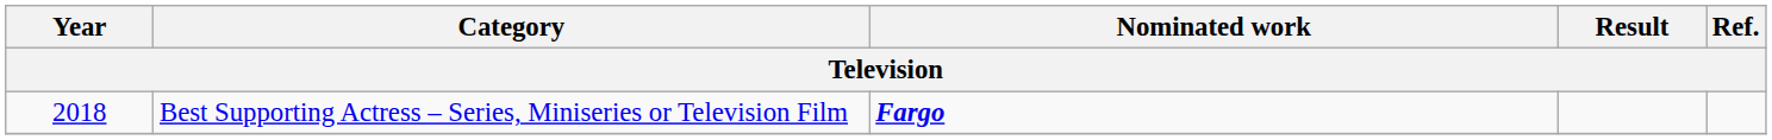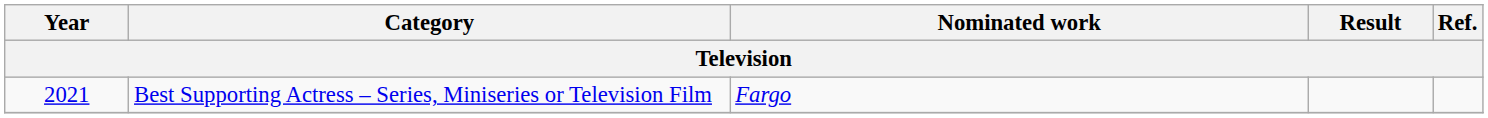 <table class=wikitable>
 <tr>
 <th scope="col" style="width:5em;">Year</th>
 <th scope="col" style="width:26em;">Category</th>
 <th scope="col" style="width:25em;">Nominated work</th>
 <th scope="col" style="width:5em;">Result</th>
 <th>Ref.</th>
 </tr>
 <tr>
 <th colspan="5">Television</th>
 </tr>
 <tr>
-<td align="center"><a href='#'>2018</a></td>
+<td align="center"><a href='#'>2021</a></td>
 <td><a href='#'>Best Supporting Actress – Series, Miniseries or Television Film</a></td>
-<td><strong><em><a href='#'>Fargo</a></em></strong></td>
+<td><em><a href='#'>Fargo</a></em></td>
 <td></td>
 <td align="center"></td>
 </tr>
 <tr>
 </tr>
 </table>
